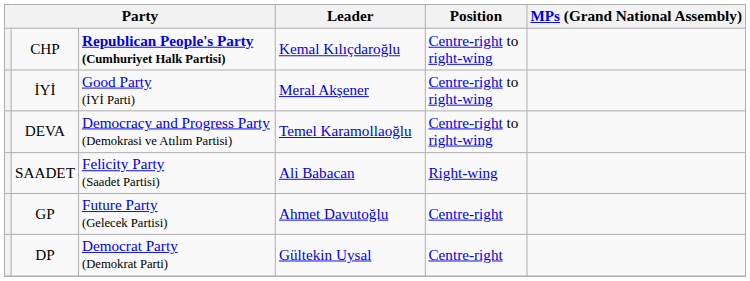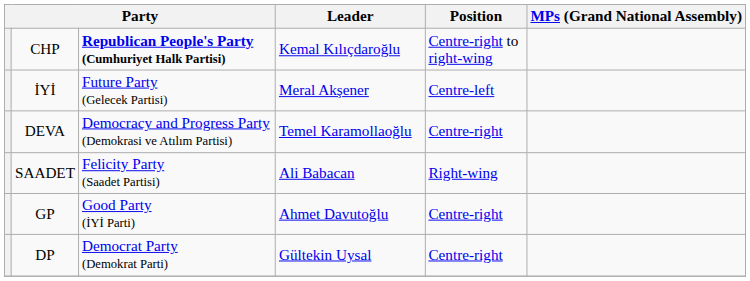 <table class="wikitable">
 <tr>
 <th colspan=3>Party</th>
 <th>Leader</th>
 <th>Position</th>
 <th><a href='#'>MPs</a> (Grand National Assembly)</th>
 </tr>
 <tr>
 <th style="background:"></th>
 <td align=center>CHP</td>
 <td style="width:200px"><strong><a href='#'>Republican People's Party</a><br><small>(Cumhuriyet Halk Partisi)</small></strong></td>
 <td style="width:150px"><a href='#'>Kemal Kılıçdaroğlu</a></td>
 <td {{Nowrap><a href='#'>Centre-right</a> to <a href='#'>right-wing</a></td>
 <td></td>
 </tr>
 <tr>
 <th style="background:"></th>
 <td align=center>İYİ</td>
-<td><a href='#'>Good Party</a><br><small>(İYİ Parti)</small></td>
+<td style="width:200px"><a href='#'>Future Party</a><br><small>(Gelecek Partisi)</small></td>
 <td><a href='#'>Meral Akşener</a></td>
-<td {{Nowrap><a href='#'>Centre-right</a> to <a href='#'>right-wing</a></td>
+<td style="width:100px"><a href='#'>Centre-left</a></td>
 <td></td>
 </tr>
 <tr>
 <th style="background:"></th>
 <td align="center">DEVA</td>
 <td style="width:200px"><a href='#'>Democracy and Progress Party</a><br><small>(Demokrasi ve Atılım Partisi)</small></td>
 <td><a href='#'>Temel Karamollaoğlu</a></td>
-<td {{Nowrap><a href='#'>Centre-right</a> to <a href='#'>right-wing</a></td>
+<td style="width:100px"><a href='#'>Centre-right</a></td>
 <td></td>
 </tr>
 <tr>
 <th style="background:"></th>
 <td align="center">SAADET</td>
 <td><a href='#'>Felicity Party</a><br><small>(Saadet Partisi)</small></td>
 <td style="width:150px"><a href='#'>Ali Babacan</a></td>
 <td><a href='#'>Right-wing</a></td>
 <td></td>
 </tr>
 <tr>
 <th style="background:"></th>
 <td align="center">GP</td>
-<td style="width:200px"><a href='#'>Future Party</a><br><small>(Gelecek Partisi)</small></td>
+<td><a href='#'>Good Party</a><br><small>(İYİ Parti)</small></td>
 <td style="width:150px"><a href='#'>Ahmet Davutoğlu</a></td>
 <td style="width:100px"><a href='#'>Centre-right</a></td>
 <td></td>
 </tr>
 <tr>
 <th style="background:"></th>
 <td align=center>DP</td>
 <td><a href='#'>Democrat Party</a><br><small>(Demokrat Parti)</small></td>
 <td><a href='#'>Gültekin Uysal</a></td>
 <td><a href='#'>Centre-right</a></td>
 <td></td>
 </tr>
 <tr>
 </tr>
 </table>
